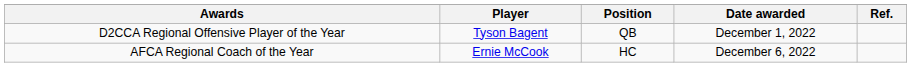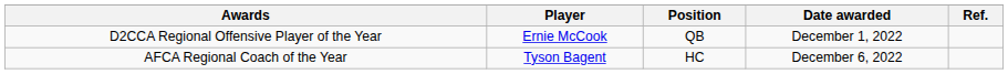 <table class="wikitable" style="width:75%; text-align:center;">
 <tr>
 </tr>
 <tr>
 <th>Awards</th>
 <th>Player</th>
 <th>Position</th>
 <th>Date awarded</th>
 <th>Ref.</th>
 </tr>
 <tr>
 <td>D2CCA Regional Offensive Player of the Year</td>
-<td><a href='#'>Tyson Bagent</a></td>
+<td><a href='#'>Ernie McCook</a></td>
 <td>QB</td>
 <td>December 1, 2022</td>
 <td></td>
 </tr>
 <tr>
 <td>AFCA Regional Coach of the Year</td>
-<td><a href='#'>Ernie McCook</a></td>
+<td><a href='#'>Tyson Bagent</a></td>
 <td>HC</td>
 <td>December 6, 2022</td>
 </tr>
 </table>
